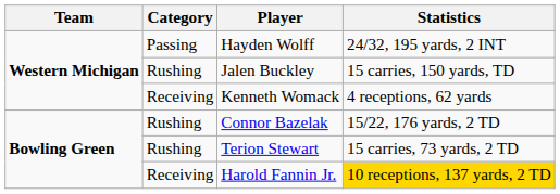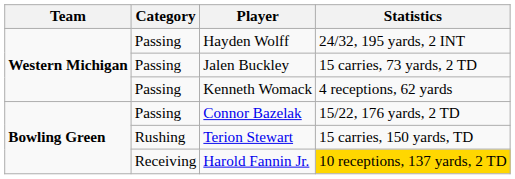 <table class="wikitable" style="float: right;">
 <tr>
 <th>Team</th>
 <th>Category</th>
 <th>Player</th>
 <th>Statistics</th>
 </tr>
 <tr>
 <td rowspan=3><strong>Western Michigan</strong></td>
 <td>Passing</td>
 <td>Hayden Wolff</td>
 <td>24/32, 195 yards, 2 INT</td>
 </tr>
 <tr>
-<td>Rushing</td>
+<td>Passing</td>
 <td>Jalen Buckley</td>
-<td>15 carries, 150 yards, TD</td>
+<td>15 carries, 73 yards, 2 TD</td>
 </tr>
 <tr>
-<td>Receiving</td>
+<td>Passing</td>
 <td>Kenneth Womack</td>
 <td>4 receptions, 62 yards</td>
 </tr>
 <tr>
 <td rowspan=3><strong>Bowling Green</strong></td>
-<td>Rushing</td>
+<td>Passing</td>
 <td><a href='#'>Connor Bazelak</a></td>
 <td>15/22, 176 yards, 2 TD</td>
 </tr>
 <tr>
 <td>Rushing</td>
 <td><a href='#'>Terion Stewart</a></td>
-<td>15 carries, 73 yards, 2 TD</td>
+<td>15 carries, 150 yards, TD</td>
 </tr>
 <tr>
 <td>Receiving</td>
 <td><a href='#'>Harold Fannin Jr.</a></td>
 <td style="background: gold;">10 receptions, 137 yards, 2 TD</td>
 </tr>
 </table>
